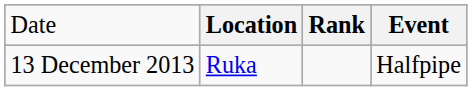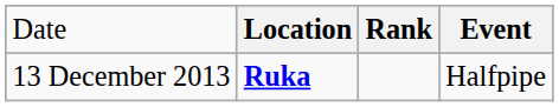 <table class="wikitable sortable" style="font-size:90%" style="text-align:center">
 <tr>
 <td>Date</td>
 <th>Location</th>
 <th>Rank</th>
 <th>Event</th>
 </tr>
 <tr>
 <td>13 December 2013</td>
-<td><a href='#'>Ruka</a></td>
+<td><strong><a href='#'>Ruka</a></strong></td>
 <td></td>
 <td>Halfpipe</td>
 </tr>
 </table>
